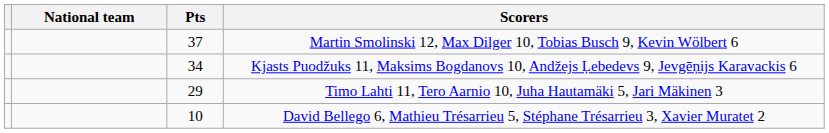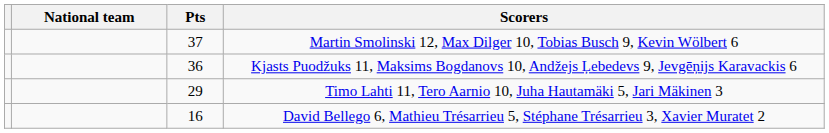 <table class=wikitable style="font-size: 95%">
 <tr>
 <th></th>
 <th width=150>National team</th>
 <th width=50>Pts</th>
 <th width=600>Scorers</th>
 </tr>
 <tr align=center >
 <td></td>
 <td align=left></td>
 <td>37</td>
 <td><a href='#'>Martin Smolinski</a> 12, <a href='#'>Max Dilger</a> 10, <a href='#'>Tobias Busch</a> 9, <a href='#'>Kevin Wölbert</a> 6</td>
 </tr>
 <tr align=center>
 <td></td>
 <td align=left></td>
-<td>34</td>
+<td>36</td>
 <td><a href='#'>Kjasts Puodžuks</a> 11, <a href='#'>Maksims Bogdanovs</a> 10, <a href='#'>Andžejs Ļebedevs</a> 9, <a href='#'>Jevgēņijs Karavackis</a> 6</td>
 </tr>
 <tr align=center>
 <td></td>
 <td align=left></td>
 <td>29</td>
 <td><a href='#'>Timo Lahti</a> 11, <a href='#'>Tero Aarnio</a> 10, <a href='#'>Juha Hautamäki</a> 5, <a href='#'>Jari Mäkinen</a> 3</td>
 </tr>
 <tr align=center>
 <td></td>
 <td align=left></td>
-<td>10</td>
+<td>16</td>
 <td><a href='#'>David Bellego</a> 6, <a href='#'>Mathieu Trésarrieu</a> 5, <a href='#'>Stéphane Trésarrieu</a> 3, <a href='#'>Xavier Muratet</a> 2</td>
 </tr>
 </table>
